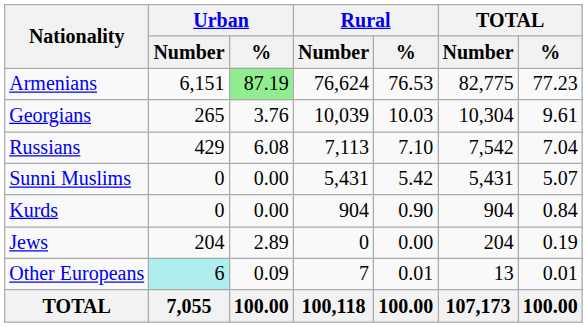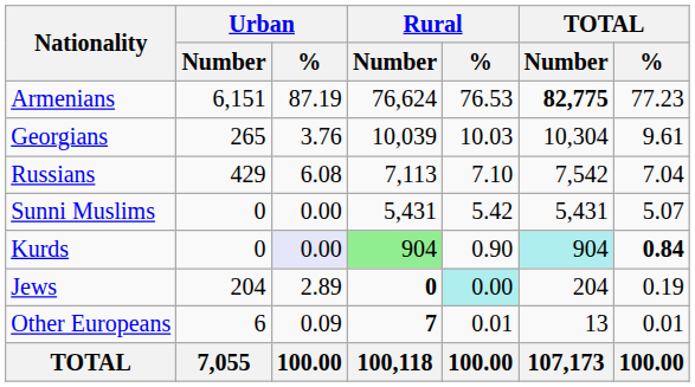 <table class="wikitable sortable">
 <tr>
 <th rowspan="2">Nationality</th>
 <th colspan="2"><a href='#'>Urban</a></th>
 <th colspan="2"><a href='#'>Rural</a></th>
 <th colspan="2">TOTAL</th>
 </tr>
 <tr>
 <th>Number</th>
 <th>%</th>
 <th>Number</th>
 <th>%</th>
 <th>Number</th>
 <th>%</th>
 </tr>
 <tr>
 <td><a href='#'>Armenians</a></td>
 <td align="right">6,151</td>
-<td align="right" style="background: lightgreen;">87.19</td>
+<td align="right">87.19</td>
 <td align="right">76,624</td>
 <td align="right">76.53</td>
-<td align="right">82,775</td>
+<td align="right"><strong>82,775</strong></td>
 <td align="right">77.23</td>
 </tr>
 <tr>
 <td><a href='#'>Georgians</a></td>
 <td align="right">265</td>
 <td align="right">3.76</td>
 <td align="right">10,039</td>
 <td align="right">10.03</td>
 <td align="right">10,304</td>
 <td align="right">9.61</td>
 </tr>
 <tr>
 <td><a href='#'>Russians</a></td>
 <td align="right">429</td>
 <td align="right">6.08</td>
 <td align="right">7,113</td>
 <td align="right">7.10</td>
 <td align="right">7,542</td>
 <td align="right">7.04</td>
 </tr>
 <tr>
 <td><a href='#'>Sunni Muslims</a></td>
 <td align="right">0</td>
 <td align="right">0.00</td>
 <td align="right">5,431</td>
 <td align="right">5.42</td>
 <td align="right">5,431</td>
 <td align="right">5.07</td>
 </tr>
 <tr>
 <td><a href='#'>Kurds</a></td>
 <td align="right">0</td>
-<td align="right">0.00</td>
-<td align="right">904</td>
+<td align="right" style="background: lavender;">0.00</td>
+<td align="right" style="background: lightgreen;">904</td>
 <td align="right">0.90</td>
-<td align="right">904</td>
-<td align="right">0.84</td>
+<td align="right" style="background: paleturquoise;">904</td>
+<td align="right"><strong>0.84</strong></td>
 </tr>
 <tr>
 <td><a href='#'>Jews</a></td>
 <td align="right">204</td>
 <td align="right">2.89</td>
-<td align="right">0</td>
-<td align="right">0.00</td>
+<td align="right"><strong>0</strong></td>
+<td align="right" style="background: paleturquoise;">0.00</td>
 <td align="right">204</td>
 <td align="right">0.19</td>
 </tr>
 <tr>
 <td><a href='#'>Other Europeans</a></td>
-<td align="right" style="background: paleturquoise;">6</td>
+<td align="right">6</td>
 <td align="right">0.09</td>
-<td align="right">7</td>
+<td align="right"><strong>7</strong></td>
 <td align="right">0.01</td>
 <td align="right">13</td>
 <td align="right">0.01</td>
 </tr>
 <tr>
 <th>TOTAL</th>
 <th>7,055</th>
 <th>100.00</th>
 <th>100,118</th>
 <th>100.00</th>
 <th>107,173</th>
 <th>100.00</th>
 </tr>
 </table>
